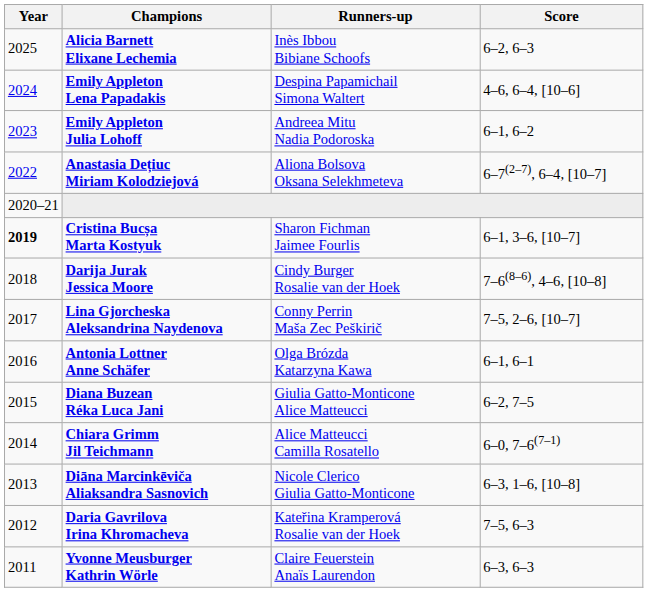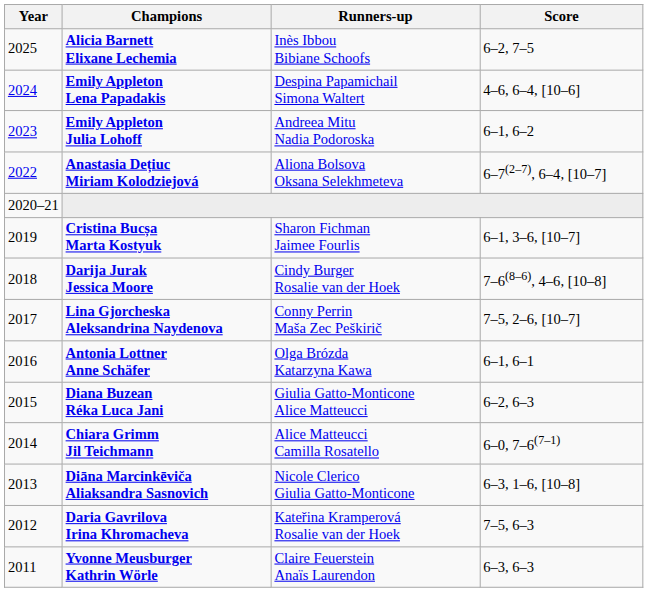 <table class="wikitable" style="font-size:90%">
 <tr>
 <th>Year</th>
 <th width="200">Champions</th>
 <th width="200">Runners-up</th>
 <th width="155">Score</th>
 </tr>
 <tr>
 <td>2025</td>
 <td> <strong><a href='#'>Alicia Barnett</a></strong> <br>  <strong><a href='#'>Elixane Lechemia</a></strong></td>
 <td> <a href='#'>Inès Ibbou</a> <br>  <a href='#'>Bibiane Schoofs</a></td>
-<td>6–2, 6–3</td>
+<td>6–2, 7–5</td>
 </tr>
 <tr>
 <td><a href='#'>2024</a></td>
 <td> <strong><a href='#'>Emily Appleton</a></strong> <br>  <strong><a href='#'>Lena Papadakis</a></strong></td>
 <td> <a href='#'>Despina Papamichail</a> <br>  <a href='#'>Simona Waltert</a></td>
 <td>4–6, 6–4, [10–6]</td>
 </tr>
 <tr>
 <td><a href='#'>2023</a></td>
 <td> <strong><a href='#'>Emily Appleton</a></strong> <br>  <strong><a href='#'>Julia Lohoff</a></strong></td>
 <td> <a href='#'>Andreea Mitu</a> <br>  <a href='#'>Nadia Podoroska</a></td>
 <td>6–1, 6–2</td>
 </tr>
 <tr>
 <td><a href='#'>2022</a></td>
 <td> <strong><a href='#'>Anastasia Dețiuc</a></strong> <br>  <strong><a href='#'>Miriam Kolodziejová</a></strong></td>
 <td> <a href='#'>Aliona Bolsova</a> <br>  <a href='#'>Oksana Selekhmeteva</a></td>
 <td>6–7<sup>(2–7)</sup>, 6–4, [10–7]</td>
 </tr>
 <tr>
 <td>2020–21</td>
 <td colspan=3 bgcolor="#ededed"></td>
 </tr>
 <tr>
-<td><strong>2019</strong></td>
+<td>2019</td>
 <td> <strong><a href='#'>Cristina Bucșa</a></strong> <br>  <strong><a href='#'>Marta Kostyuk</a></strong></td>
 <td> <a href='#'>Sharon Fichman</a> <br>  <a href='#'>Jaimee Fourlis</a></td>
 <td>6–1, 3–6, [10–7]</td>
 </tr>
 <tr>
 <td>2018</td>
 <td> <strong><a href='#'>Darija Jurak</a></strong> <br>  <strong><a href='#'>Jessica Moore</a></strong></td>
 <td> <a href='#'>Cindy Burger</a> <br>  <a href='#'>Rosalie van der Hoek</a></td>
 <td>7–6<sup>(8–6)</sup>, 4–6, [10–8]</td>
 </tr>
 <tr>
 <td>2017</td>
 <td> <strong><a href='#'>Lina Gjorcheska</a></strong> <br>  <strong><a href='#'>Aleksandrina Naydenova</a></strong></td>
 <td> <a href='#'>Conny Perrin</a> <br>  <a href='#'>Maša Zec Peškirič</a></td>
 <td>7–5, 2–6, [10–7]</td>
 </tr>
 <tr>
 <td>2016</td>
 <td> <strong><a href='#'>Antonia Lottner</a></strong> <br>  <strong><a href='#'>Anne Schäfer</a></strong></td>
 <td> <a href='#'>Olga Brózda</a> <br>  <a href='#'>Katarzyna Kawa</a></td>
 <td>6–1, 6–1</td>
 </tr>
 <tr>
 <td>2015</td>
 <td> <strong><a href='#'>Diana Buzean</a></strong> <br>  <strong><a href='#'>Réka Luca Jani</a></strong></td>
 <td> <a href='#'>Giulia Gatto-Monticone</a> <br>  <a href='#'>Alice Matteucci</a></td>
-<td>6–2, 7–5</td>
+<td>6–2, 6–3</td>
 </tr>
 <tr>
 <td>2014</td>
 <td> <strong><a href='#'>Chiara Grimm</a></strong> <br>  <strong><a href='#'>Jil Teichmann</a></strong></td>
 <td> <a href='#'>Alice Matteucci</a> <br>  <a href='#'>Camilla Rosatello</a></td>
 <td>6–0, 7–6<sup>(7–1)</sup></td>
 </tr>
 <tr>
 <td>2013</td>
 <td> <strong><a href='#'>Diāna Marcinkēviča</a></strong> <br>  <strong><a href='#'>Aliaksandra Sasnovich</a></strong></td>
 <td> <a href='#'>Nicole Clerico</a> <br>  <a href='#'>Giulia Gatto-Monticone</a></td>
 <td>6–3, 1–6, [10–8]</td>
 </tr>
 <tr>
 <td>2012</td>
 <td> <strong><a href='#'>Daria Gavrilova</a></strong> <br>  <strong><a href='#'>Irina Khromacheva</a></strong></td>
 <td> <a href='#'>Kateřina Kramperová</a> <br>  <a href='#'>Rosalie van der Hoek</a></td>
 <td>7–5, 6–3</td>
 </tr>
 <tr>
 <td>2011</td>
 <td> <strong><a href='#'>Yvonne Meusburger</a></strong> <br>  <strong><a href='#'>Kathrin Wörle</a></strong></td>
 <td> <a href='#'>Claire Feuerstein</a> <br>  <a href='#'>Anaïs Laurendon</a></td>
 <td>6–3, 6–3</td>
 </tr>
 </table>
